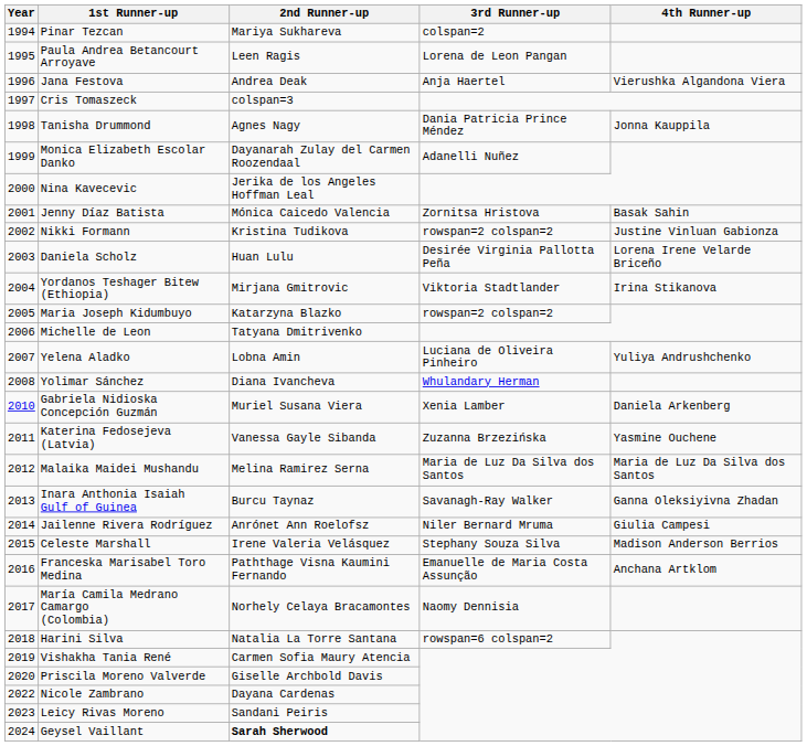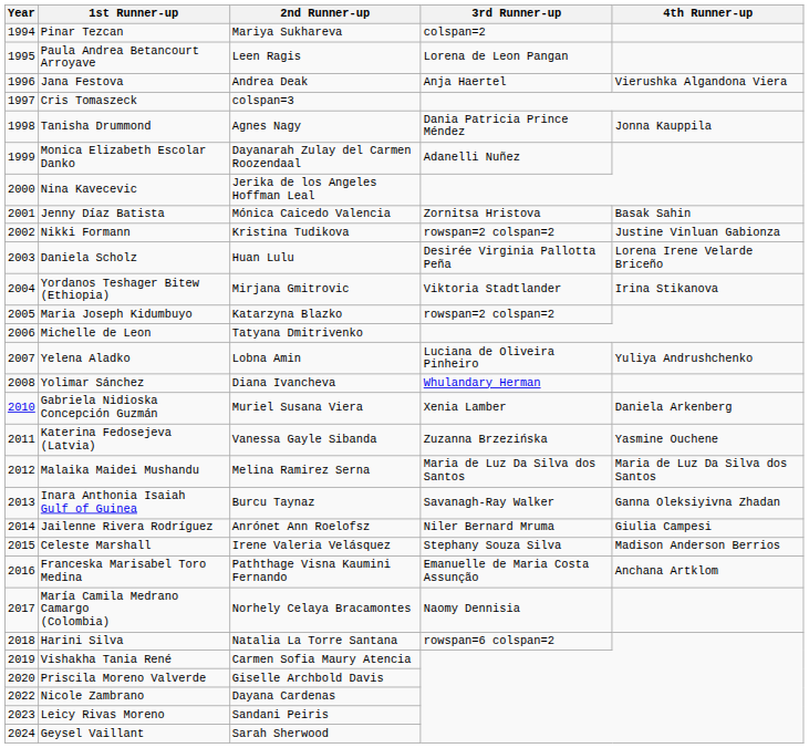 <table class="wikitable sortable" style="font-size: 95%;">
 <tr bgcolor="efefef" colspan=10>
 <th width="10"><span>Year</span></th>
 <th width="200"><span>1st Runner-up</span></th>
 <th width="200"><span>2nd Runner-up</span></th>
 <th width="200"><span>3rd Runner-up</span></th>
 <th width="200"><span>4th Runner-up</span></th>
 </tr>
 <tr>
 <td>1994</td>
 <td>Pinar Tezcan<br></td>
 <td>Mariya Sukhareva<br></td>
 <td>colspan=2 </td>
 </tr>
 <tr>
 <td>1995</td>
 <td>Paula Andrea Betancourt Arroyave<br></td>
 <td>Leen Ragis<br></td>
 <td>Lorena de Leon Pangan<br></td>
 <td></td>
 </tr>
 <tr>
 <td>1996</td>
 <td>Jana Festova<br></td>
 <td>Andrea Deak<br></td>
 <td>Anja Haertel<br></td>
 <td>Vierushka Algandona Viera<br></td>
 </tr>
 <tr>
 <td>1997</td>
 <td>Cris Tomaszeck<br></td>
 <td>colspan=3 </td>
 </tr>
 <tr>
 <td>1998</td>
 <td>Tanisha Drummond<br></td>
 <td>Agnes Nagy<br></td>
 <td>Dania Patricia Prince Méndez<br></td>
 <td>Jonna Kauppila<br></td>
 </tr>
 <tr>
 <td>1999</td>
 <td>Monica Elizabeth Escolar Danko<br></td>
 <td>Dayanarah Zulay del Carmen Roozendaal<br></td>
 <td>Adanelli Nuñez<br></td>
 </tr>
 <tr>
 <td>2000</td>
 <td>Nina Kavecevic<br></td>
 <td>Jerika de los Angeles Hoffman Leal<br></td>
 </tr>
 <tr>
 <td>2001</td>
 <td>Jenny Díaz Batista<br></td>
 <td>Mónica Caicedo Valencia<br></td>
 <td>Zornitsa Hristova<br></td>
 <td>Basak Sahin<br></td>
 </tr>
 <tr>
 <td>2002</td>
 <td>Nikki Formann<br></td>
 <td>Kristina Tudikova<br></td>
 <td>rowspan=2 colspan=2 </td>
 <td>Justine Vinluan Gabionza<br></td>
 </tr>
 <tr>
 <td>2003</td>
 <td>Daniela Scholz<br></td>
 <td>Huan Lulu<br></td>
 <td>Desirée Virginia Pallotta Peña<br></td>
 <td>Lorena Irene Velarde Briceño<br></td>
 </tr>
 <tr>
 <td>2004</td>
 <td>Yordanos Teshager Bitew<br> (Ethiopia)</td>
 <td>Mirjana Gmitrovic<br></td>
 <td>Viktoria Stadtlander<br></td>
 <td>Irina Stikanova<br></td>
 </tr>
 <tr>
 <td>2005</td>
 <td>Maria Joseph Kidumbuyo<br></td>
 <td>Katarzyna Blazko<br></td>
 <td>rowspan=2 colspan=2 </td>
 </tr>
 <tr>
 <td>2006</td>
 <td>Michelle de Leon <strong><br></strong></td>
 <td>Tatyana Dmitrivenko<br></td>
 </tr>
 <tr>
 <td>2007</td>
 <td>Yelena Aladko<br></td>
 <td>Lobna Amin<br></td>
 <td>Luciana de Oliveira Pinheiro<br></td>
 <td>Yuliya Andrushchenko<br></td>
 </tr>
 <tr>
 <td>2008</td>
 <td>Yolimar Sánchez<br></td>
 <td>Diana Ivancheva<br></td>
 <td><a href='#'>Whulandary Herman</a><br></td>
 <td></td>
 </tr>
 <tr>
 <td><a href='#'>2010</a></td>
 <td>Gabriela Nidioska Concepción Guzmán<br></td>
 <td>Muriel Susana Viera<br></td>
 <td>Xenia Lamber<br></td>
 <td>Daniela Arkenberg<br></td>
 </tr>
 <tr>
 <td>2011</td>
 <td>Katerina Fedosejeva<br> (Latvia)</td>
 <td>Vanessa Gayle Sibanda<br></td>
 <td>Zuzanna Brzezińska<br></td>
 <td>Yasmine Ouchene<br></td>
 </tr>
 <tr>
 <td>2012</td>
 <td>Malaika Maidei Mushandu<br></td>
 <td>Melina Ramirez Serna<br></td>
 <td>Maria de Luz Da Silva dos Santos<br></td>
 <td>Maria de Luz Da Silva dos Santos<br></td>
 </tr>
 <tr>
 <td>2013</td>
 <td>Inara Anthonia Isaiah<br> <a href='#'>Gulf of Guinea</a></td>
 <td>Burcu Taynaz<br></td>
 <td>Savanagh-Ray Walker<br></td>
 <td>Ganna Oleksiyivna Zhadan<br></td>
 </tr>
 <tr>
 <td>2014</td>
 <td>Jailenne Rivera Rodríguez<br></td>
 <td>Anrónet Ann Roelofsz<br></td>
 <td>Niler Bernard Mruma<br></td>
 <td>Giulia Campesi<br></td>
 </tr>
 <tr>
 <td>2015</td>
 <td>Celeste Marshall<br></td>
 <td>Irene Valeria Velásquez<br></td>
 <td>Stephany Souza Silva<br></td>
 <td>Madison Anderson Berrios<br></td>
 </tr>
 <tr>
 <td>2016</td>
 <td>Franceska Marisabel Toro Medina<br></td>
 <td>Paththage Visna Kaumini Fernando<br></td>
 <td>Emanuelle de Maria Costa Assunção<br></td>
 <td>Anchana Artklom<br></td>
 </tr>
 <tr>
 <td>2017</td>
 <td>María Camila Medrano Camargo<br> (Colombia)</td>
 <td>Norhely Celaya Bracamontes<br></td>
 <td>Naomy Dennisia<br></td>
 <td></td>
 </tr>
 <tr>
 <td>2018</td>
 <td>Harini Silva<br></td>
 <td>Natalia La Torre Santana<br></td>
 <td>rowspan=6 colspan=2 </td>
 </tr>
 <tr>
 <td>2019</td>
 <td>Vishakha Tania René<br></td>
 <td>Carmen Sofia Maury Atencia<br></td>
 </tr>
 <tr>
 <td>2020</td>
 <td>Priscila Moreno Valverde<br></td>
 <td>Giselle Archbold Davis<br></td>
 </tr>
 <tr>
 <td>2022</td>
 <td>Nicole Zambrano<br></td>
 <td>Dayana Cardenas<br></td>
 </tr>
 <tr>
 <td>2023</td>
 <td>Leicy Rivas Moreno<br></td>
 <td>Sandani Peiris<br></td>
 </tr>
 <tr>
 <td>2024</td>
 <td>Geysel Vaillant<br></td>
-<td><strong>Sarah Sherwood<br></strong></td>
+<td>Sarah Sherwood<br></td>
 </tr>
 </table>
